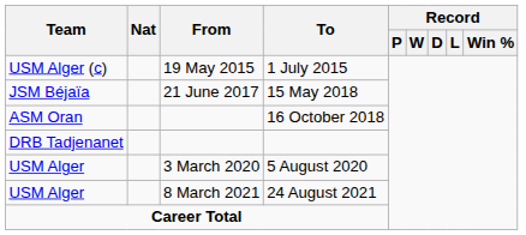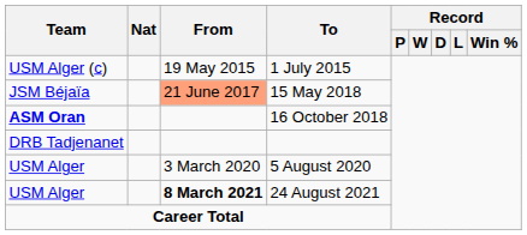 <table class="wikitable" style="text-align: center">
 <tr>
 <th rowspan="2">Team</th>
 <th rowspan="2">Nat</th>
 <th rowspan="2">From</th>
 <th rowspan="2">To</th>
 <th colspan="5">Record</th>
 </tr>
 <tr>
 <th>P</th>
 <th>W</th>
 <th>D</th>
 <th>L</th>
 <th>Win %</th>
 </tr>
 <tr>
 <td align="left"><a href='#'>USM Alger</a> (<a href='#'>c</a>)</td>
 <td></td>
 <td align=left>19 May 2015</td>
 <td align=left>1 July 2015<br></td>
 </tr>
 <tr>
 <td align="left"><a href='#'>JSM Béjaïa</a></td>
 <td></td>
-<td align=left>21 June 2017</td>
+<td align=left style="background: lightsalmon;">21 June 2017</td>
 <td align=left>15 May 2018<br></td>
 </tr>
 <tr>
-<td align="left"><a href='#'>ASM Oran</a></td>
+<td align="left"><strong><a href='#'>ASM Oran</a></strong></td>
 <td></td>
 <td align=left></td>
 <td align=left>16 October 2018<br></td>
 </tr>
 <tr>
 <td align="left"><a href='#'>DRB Tadjenanet</a></td>
 <td></td>
 <td align=left></td>
 <td align=left><br></td>
 </tr>
 <tr>
 <td align="left"><a href='#'>USM Alger</a></td>
 <td></td>
 <td align=left>3 March 2020</td>
 <td align=left>5 August 2020<br></td>
 </tr>
 <tr>
 <td align="left"><a href='#'>USM Alger</a></td>
 <td></td>
-<td align=left>8 March 2021</td>
+<td align=left><strong>8 March 2021</strong></td>
 <td align=left>24 August 2021<br></td>
 </tr>
 <tr>
 <td colspan=4><strong>Career Total</strong><br></td>
 </tr>
 </table>
